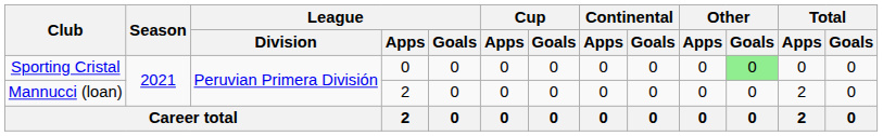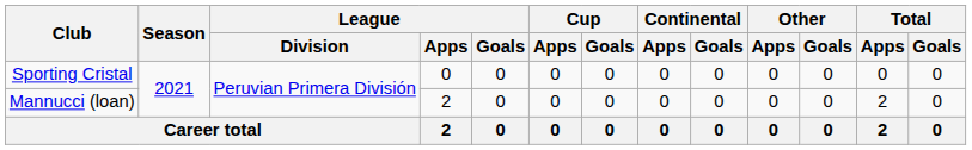 <table class="wikitable" style="text-align: center">
 <tr>
 <th rowspan="2">Club</th>
 <th rowspan="2">Season</th>
 <th colspan="3">League</th>
 <th colspan="2">Cup</th>
 <th colspan="2">Continental</th>
 <th colspan="2">Other</th>
 <th colspan="2">Total</th>
 </tr>
 <tr>
 <th>Division</th>
 <th>Apps</th>
 <th>Goals</th>
 <th>Apps</th>
 <th>Goals</th>
 <th>Apps</th>
 <th>Goals</th>
 <th>Apps</th>
 <th>Goals</th>
 <th>Apps</th>
 <th>Goals</th>
 </tr>
 <tr>
 <td><a href='#'>Sporting Cristal</a></td>
 <td rowspan="2"><a href='#'>2021</a></td>
 <td rowspan="2"><a href='#'>Peruvian Primera División</a></td>
 <td>0</td>
 <td>0</td>
 <td>0</td>
 <td>0</td>
 <td>0</td>
 <td>0</td>
 <td>0</td>
-<td style="background: lightgreen;">0</td>
+<td>0</td>
 <td>0</td>
 <td>0</td>
 </tr>
 <tr>
 <td><a href='#'>Mannucci</a> (loan)</td>
 <td>2</td>
 <td>0</td>
 <td>0</td>
 <td>0</td>
 <td>0</td>
 <td>0</td>
 <td>0</td>
 <td>0</td>
 <td>2</td>
 <td>0</td>
 </tr>
 <tr>
 <th colspan="3"><strong>Career total</strong></th>
 <th>2</th>
 <th>0</th>
 <th>0</th>
 <th>0</th>
 <th>0</th>
 <th>0</th>
 <th>0</th>
 <th>0</th>
 <th>2</th>
 <th>0</th>
 </tr>
 </table>
